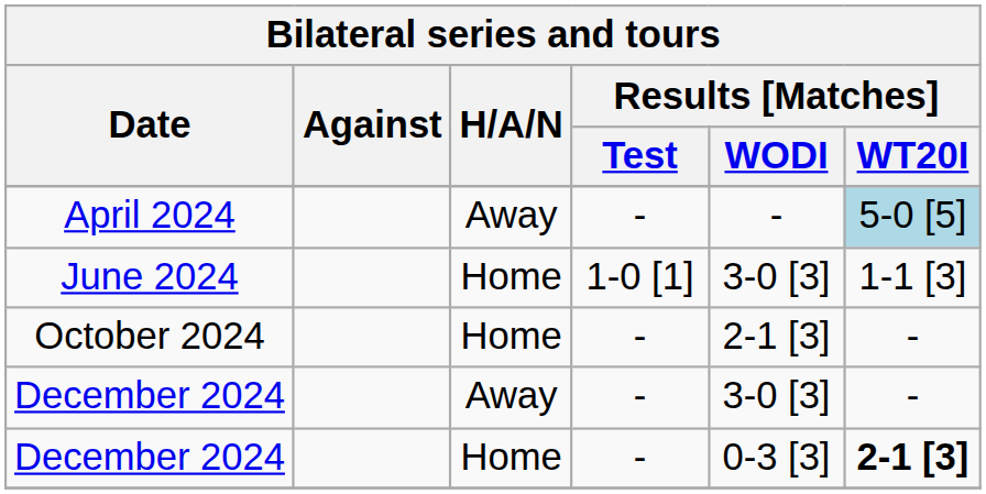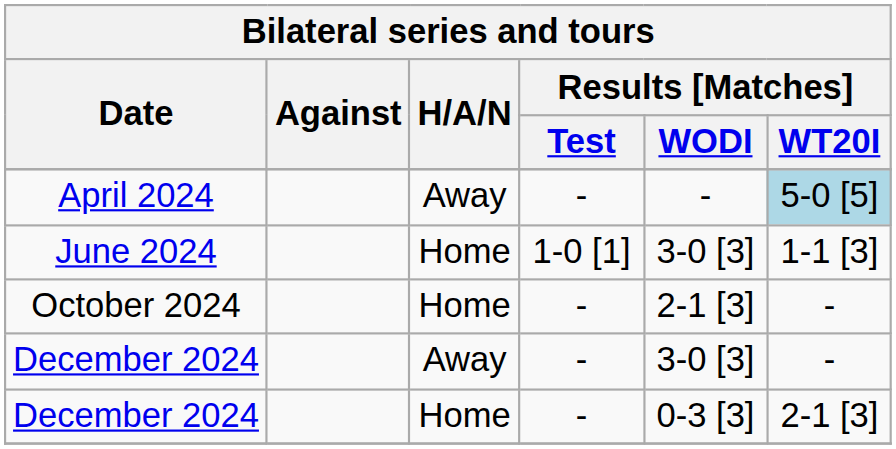 <table class="wikitable unsortable" style="text-align:center; white-space:nowrap">
 <tr>
 <th colspan="6">Bilateral series and tours</th>
 </tr>
 <tr>
 <th rowspan="2">Date</th>
 <th rowspan="2">Against</th>
 <th rowspan="2">H/A/N</th>
 <th colspan="5">Results [Matches]</th>
 </tr>
 <tr>
 <th width="50"><a href='#'>Test</a></th>
 <th width="50"><a href='#'>WODI</a></th>
 <th width="50"><a href='#'>WT20I</a></th>
 </tr>
 <tr>
 </tr>
 <tr style="background:white;">
 </tr>
 <tr>
 <td><a href='#'>April 2024</a></td>
 <td></td>
 <td>Away</td>
 <td>-</td>
 <td>-</td>
 <td style="background: lightblue;">5-0 [5]</td>
 </tr>
 <tr>
 <td><a href='#'>June 2024</a></td>
 <td></td>
 <td>Home</td>
 <td>1-0 [1]</td>
 <td>3-0 [3]</td>
 <td>1-1 [3]</td>
 </tr>
 <tr>
 <td New Zealand women's cricket team in India in 2024–25>October 2024</td>
 <td></td>
 <td>Home</td>
 <td>-</td>
 <td>2-1 [3]</td>
 <td>-</td>
 </tr>
 <tr>
 <td><a href='#'>December 2024</a></td>
 <td></td>
 <td>Away</td>
 <td>-</td>
 <td>3-0 [3]</td>
 <td>-</td>
 </tr>
 <tr>
 <td><a href='#'>December 2024</a></td>
 <td></td>
 <td>Home</td>
 <td>-</td>
 <td>0-3 [3]</td>
-<td><strong>2-1 [3]</strong></td>
+<td>2-1 [3]</td>
 </tr>
 <tr>
 </tr>
 </table>
